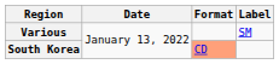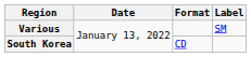 <table class="wikitable plainrowheaders">
 <tr>
 <th>Region</th>
 <th>Date</th>
 <th>Format</th>
 <th>Label</th>
 </tr>
 <tr>
 <th scope="row">Various</th>
 <td rowspan="2">January 13, 2022</td>
 <td></td>
 <td><a href='#'>SM</a></td>
 </tr>
 <tr>
 <th scope="row">South Korea</th>
-<td style="background: lightsalmon;"><a href='#'>CD</a></td>
+<td><a href='#'>CD</a></td>
 <td></td>
 </tr>
 </table>
